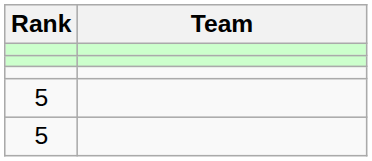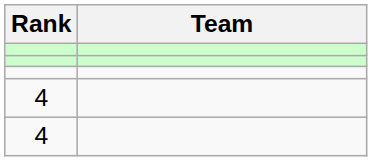 <table class="wikitable" style="text-align: center;">
 <tr>
 <th width=40>Rank</th>
 <th width=180>Team</th>
 </tr>
 <tr bgcolor=#CCFFCC>
 <td></td>
 <td style="text-align:left;"></td>
 </tr>
 <tr bgcolor=#CCFFCC>
 <td></td>
 <td style="text-align:left;"></td>
 </tr>
 <tr align=center>
 <td></td>
 <td style="text-align:left;"></td>
 </tr>
 <tr align=center>
-<td>5</td>
+<td>4</td>
 <td style="text-align:left;"></td>
 </tr>
 <tr align=center>
-<td>5</td>
+<td>4</td>
 <td style="text-align:left;"></td>
 </tr>
 </table>
